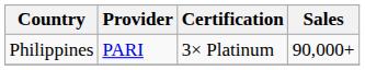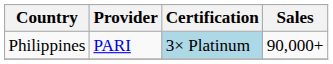 <table class = "wikitable">
 <tr>
 <th>Country</th>
 <th>Provider</th>
 <th>Certification</th>
 <th>Sales</th>
 </tr>
 <tr>
 <td>Philippines</td>
 <td><a href='#'>PARI</a></td>
-<td>3× Platinum</td>
+<td style="background: lightblue;">3× Platinum</td>
 <td>90,000+</td>
 </tr>
 <tr>
 </tr>
 </table>
